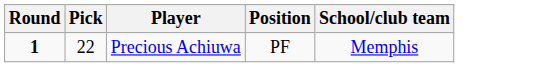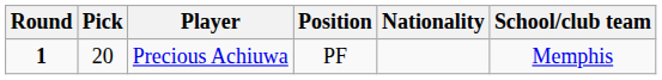 <table class="wikitable sortable sortable">
 <tr>
 <th>Round</th>
 <th>Pick</th>
 <th>Player</th>
 <th>Position</th>
+<th>Nationality</th>
 <th>School/club team</th>
 </tr>
 <tr style="text-align: center">
 <td><strong>1</strong></td>
-<td>22</td>
+<td>20</td>
 <td><a href='#'>Precious Achiuwa</a></td>
 <td>PF</td>
+<td></td>
 <td><a href='#'>Memphis</a></td>
 </tr>
 </table>
